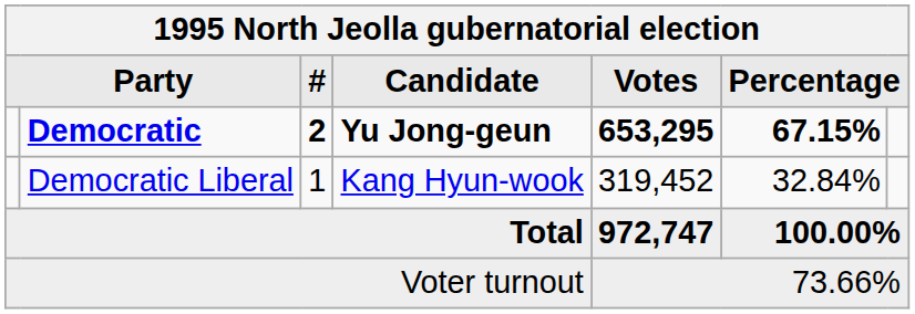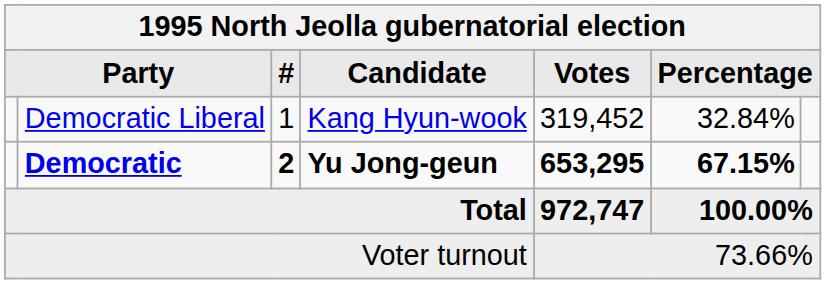 <table class="wikitable">
 <tr>
 <th colspan="7">1995 North Jeolla gubernatorial election</th>
 </tr>
 <tr>
 <th style="background-color:#E9E9E9" colspan=2>Party</th>
 <th style="background-color:#E9E9E9">#</th>
 <th style="background-color:#E9E9E9">Candidate</th>
 <th style="background-color:#E9E9E9">Votes</th>
 <th style="background-color:#E9E9E9" colspan=2>Percentage</th>
 </tr>
+<tr>
+<td></td>
+<td align=left><a href='#'>Democratic Liberal</a></td>
+<td align=center>1</td>
+<td align=left><a href='#'>Kang Hyun-wook</a></td>
+<td align=right>319,452</td>
+<td align=right>32.84%</td>
+<td align=right></td>
+</tr>
 <tr style="font-weight:bold">
 <td></td>
 <td align=left><a href='#'>Democratic</a></td>
 <td align=center>2</td>
 <td align=left>Yu Jong-geun</td>
 <td align=right>653,295</td>
 <td align=right>67.15%</td>
-<td align=right></td>
-</tr>
-<tr>
-<td></td>
-<td align=left><a href='#'>Democratic Liberal</a></td>
-<td align=center>1</td>
-<td align=left><a href='#'>Kang Hyun-wook</a></td>
-<td align=right>319,452</td>
-<td align=right>32.84%</td>
 <td align=right></td>
 </tr>
 <tr bgcolor="#EEEEEE" style="font-weight:bold">
 <td colspan="4" align=right>Total</td>
 <td align=right>972,747</td>
 <td align=right colspan=2>100.00%</td>
 </tr>
 <tr bgcolor="#EEEEEE">
 <td colspan="4" align="right">Voter turnout</td>
 <td colspan="3" align="right">73.66%</td>
 </tr>
 </table>
